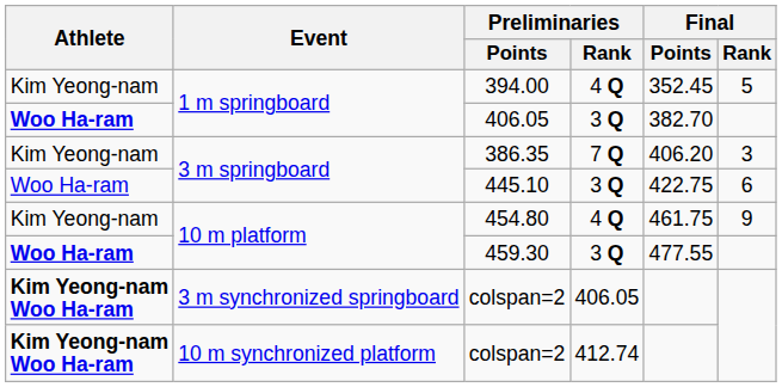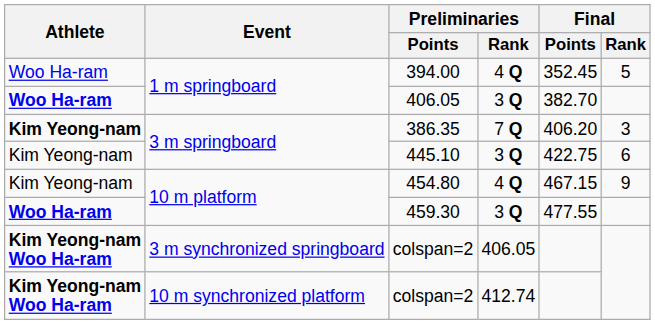 <table class=wikitable style=font-size:90%;text-align:center>
 <tr>
 <th rowspan="2">Athlete</th>
 <th rowspan="2">Event</th>
 <th colspan="2">Preliminaries</th>
 <th colspan="2">Final</th>
 </tr>
 <tr style="font-size:95%">
 <th>Points</th>
 <th>Rank</th>
 <th>Points</th>
 <th>Rank</th>
 </tr>
 <tr>
-<td align=left>Kim Yeong-nam</td>
+<td align=left><a href='#'>Woo Ha-ram</a></td>
 <td align=left rowspan=2><a href='#'>1 m springboard</a></td>
 <td>394.00</td>
 <td>4 <strong>Q</strong></td>
 <td>352.45</td>
 <td>5</td>
 </tr>
 <tr>
 <td align=left><strong><a href='#'>Woo Ha-ram</a></strong></td>
 <td>406.05</td>
 <td>3 <strong>Q</strong></td>
 <td>382.70</td>
 <td></td>
 </tr>
 <tr>
-<td align=left>Kim Yeong-nam</td>
+<td align=left><strong>Kim Yeong-nam</strong></td>
 <td align=left rowspan=2><a href='#'>3 m springboard</a></td>
 <td>386.35</td>
 <td>7 <strong>Q</strong></td>
 <td>406.20</td>
 <td>3</td>
 </tr>
 <tr>
-<td align=left><a href='#'>Woo Ha-ram</a></td>
+<td align=left>Kim Yeong-nam</td>
 <td>445.10</td>
 <td>3 <strong>Q</strong></td>
 <td>422.75</td>
 <td>6</td>
 </tr>
 <tr>
 <td align=left>Kim Yeong-nam</td>
 <td align=left rowspan=2><a href='#'>10 m platform</a></td>
 <td>454.80</td>
 <td>4 <strong>Q</strong></td>
-<td>461.75</td>
+<td>467.15</td>
 <td>9</td>
 </tr>
 <tr>
 <td align=left><strong><a href='#'>Woo Ha-ram</a></strong></td>
 <td>459.30</td>
 <td>3 <strong>Q</strong></td>
 <td>477.55</td>
 <td></td>
 </tr>
 <tr>
 <td align=left><strong>Kim Yeong-nam<br><a href='#'>Woo Ha-ram</a></strong></td>
 <td align=left><a href='#'>3 m synchronized springboard</a></td>
 <td>colspan=2 </td>
 <td>406.05</td>
 <td></td>
 </tr>
 <tr>
 <td align=left><strong>Kim Yeong-nam<br><a href='#'>Woo Ha-ram</a></strong></td>
 <td align=left><a href='#'>10 m synchronized platform</a></td>
 <td>colspan=2 </td>
 <td>412.74</td>
 <td></td>
 </tr>
 </table>
